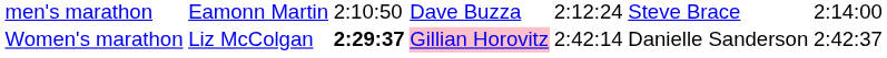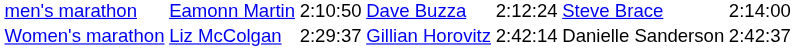 <table>
 <tr>
 <td><a href='#'>men's marathon</a></td>
 <td><a href='#'>Eamonn Martin</a></td>
 <td>2:10:50</td>
 <td><a href='#'>Dave Buzza</a></td>
 <td>2:12:24</td>
 <td> <a href='#'>Steve Brace</a></td>
 <td>2:14:00</td>
 </tr>
 <tr>
 <td><a href='#'>Women's marathon</a></td>
 <td> <a href='#'>Liz McColgan</a></td>
-<td><strong>2:29:37</strong></td>
-<td style="background: pink;"><a href='#'>Gillian Horovitz</a></td>
+<td>2:29:37</td>
+<td><a href='#'>Gillian Horovitz</a></td>
 <td>2:42:14</td>
 <td>Danielle Sanderson</td>
 <td>2:42:37</td>
 </tr>
 </table>
